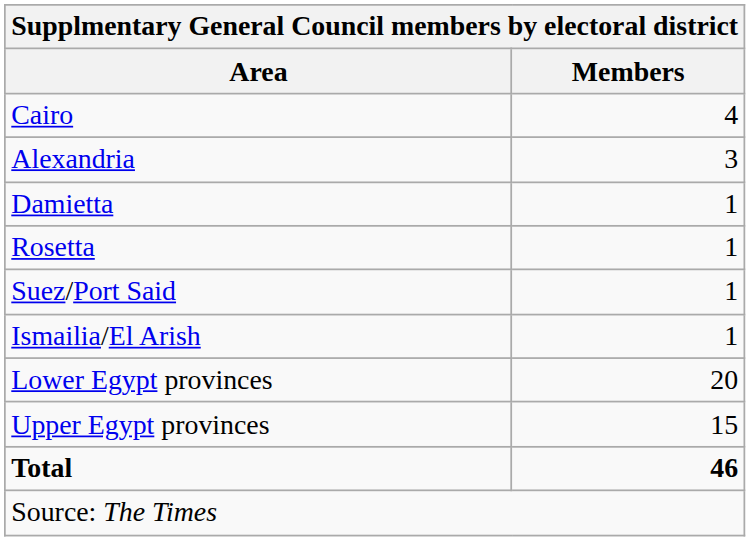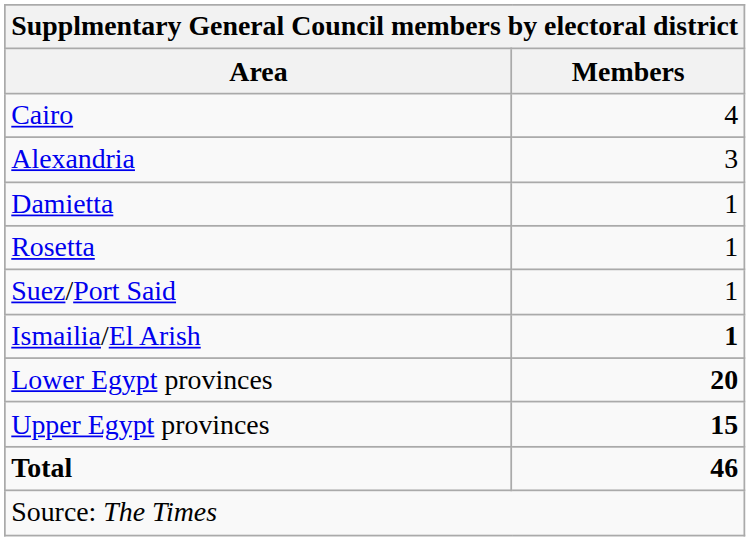 <table class=wikitable style=text-align:right>
 <tr>
 <th colspan=2>Supplmentary General Council members by electoral district</th>
 </tr>
 <tr>
 <th>Area</th>
 <th>Members</th>
 </tr>
 <tr>
 <td align=left><a href='#'>Cairo</a></td>
 <td>4</td>
 </tr>
 <tr>
 <td align=left><a href='#'>Alexandria</a></td>
 <td>3</td>
 </tr>
 <tr>
 <td align=left><a href='#'>Damietta</a></td>
 <td>1</td>
 </tr>
 <tr>
 <td align=left><a href='#'>Rosetta</a></td>
 <td>1</td>
 </tr>
 <tr>
 <td align=left><a href='#'>Suez</a>/<a href='#'>Port Said</a></td>
 <td>1</td>
 </tr>
 <tr>
 <td align=left><a href='#'>Ismailia</a>/<a href='#'>El Arish</a></td>
-<td>1</td>
+<td><strong>1</strong></td>
 </tr>
 <tr>
 <td align=left><a href='#'>Lower Egypt</a> provinces</td>
-<td>20</td>
+<td><strong>20</strong></td>
 </tr>
 <tr>
 <td align=left><a href='#'>Upper Egypt</a> provinces</td>
-<td>15</td>
+<td><strong>15</strong></td>
 </tr>
 <tr>
 <td align=left><strong>Total</strong></td>
 <td><strong>46</strong></td>
 </tr>
 <tr>
 <td align=left colspan=2>Source: <em>The Times</em></td>
 </tr>
 </table>
